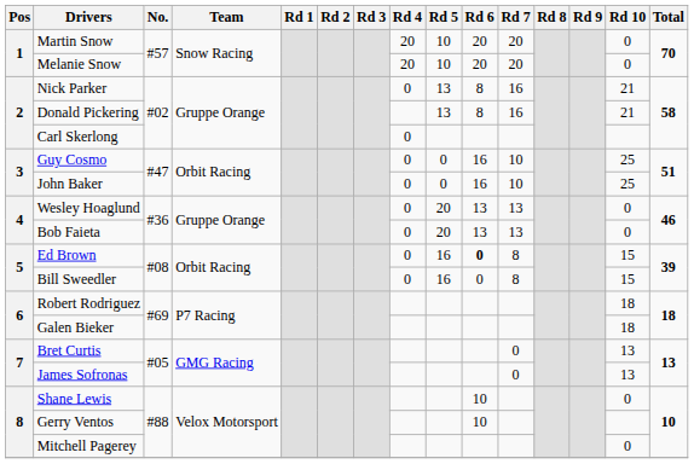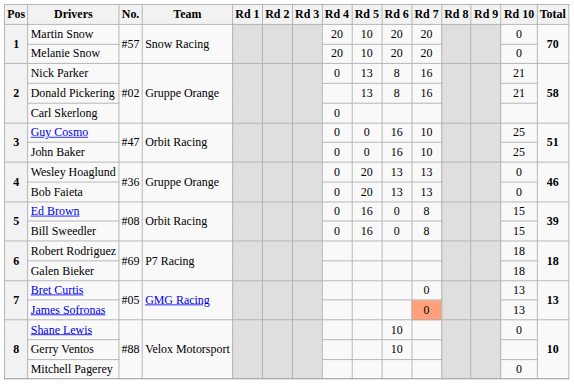 <table class="wikitable" style="font-size: 90%;">
 <tr>
 <th>Pos</th>
 <th>Drivers</th>
 <th>No.</th>
 <th>Team</th>
 <th>Rd 1</th>
 <th>Rd 2</th>
 <th>Rd 3</th>
 <th>Rd 4</th>
 <th>Rd 5</th>
 <th>Rd 6</th>
 <th>Rd 7</th>
 <th>Rd 8</th>
 <th>Rd 9</th>
 <th>Rd 10</th>
 <th>Total</th>
 </tr>
 <tr>
 <th rowspan=2>1</th>
 <td> Martin Snow</td>
 <td rowspan=2>#57</td>
 <td rowspan=2> Snow Racing</td>
 <td rowspan=2 style="background:#dfdfdf;"></td>
 <td rowspan=2 style="background:#dfdfdf;"></td>
 <td rowspan=2 style="background:#dfdfdf;"></td>
 <td align="center">20</td>
 <td align="center">10</td>
 <td align="center">20</td>
 <td align="center">20</td>
 <td rowspan=2 style="background:#dfdfdf;"></td>
 <td rowspan=2 style="background:#dfdfdf;"></td>
 <td align="center">0</td>
 <td rowspan=2 align="center"><strong>70</strong></td>
 </tr>
 <tr>
 <td> Melanie Snow</td>
 <td align="center">20</td>
 <td align="center">10</td>
 <td align="center">20</td>
 <td align="center">20</td>
 <td align="center">0</td>
 </tr>
 <tr>
 <th rowspan=3>2</th>
 <td> Nick Parker</td>
 <td rowspan=3>#02</td>
 <td rowspan=3> Gruppe Orange</td>
 <td rowspan=3 style="background:#dfdfdf;"></td>
 <td rowspan=3 style="background:#dfdfdf;"></td>
 <td rowspan=3 style="background:#dfdfdf;"></td>
 <td align="center">0</td>
 <td align="center">13</td>
 <td align="center">8</td>
 <td align="center">16</td>
 <td rowspan=3 style="background:#dfdfdf;"></td>
 <td rowspan=3 style="background:#dfdfdf;"></td>
 <td align="center">21</td>
 <td rowspan=3 align="center"><strong>58</strong></td>
 </tr>
 <tr>
 <td> Donald Pickering</td>
 <td></td>
 <td align="center">13</td>
 <td align="center">8</td>
 <td align="center">16</td>
 <td align="center">21</td>
 </tr>
 <tr>
 <td> Carl Skerlong</td>
 <td align="center">0</td>
 <td></td>
 <td></td>
 <td></td>
 <td></td>
 </tr>
 <tr>
 <th rowspan=2>3</th>
 <td> <a href='#'>Guy Cosmo</a></td>
 <td rowspan=2>#47</td>
 <td rowspan=2> Orbit Racing</td>
 <td rowspan=2 style="background:#dfdfdf;"></td>
 <td rowspan=2 style="background:#dfdfdf;"></td>
 <td rowspan=2 style="background:#dfdfdf;"></td>
 <td align="center">0</td>
 <td align="center">0</td>
 <td align="center">16</td>
 <td align="center">10</td>
 <td rowspan=2 style="background:#dfdfdf;"></td>
 <td rowspan=2 style="background:#dfdfdf;"></td>
 <td align="center">25</td>
 <td rowspan=2 align="center"><strong>51</strong></td>
 </tr>
 <tr>
 <td> John Baker</td>
 <td align="center">0</td>
 <td align="center">0</td>
 <td align="center">16</td>
 <td align="center">10</td>
 <td align="center">25</td>
 </tr>
 <tr>
 <th rowspan=2>4</th>
 <td> Wesley Hoaglund</td>
 <td rowspan=2>#36</td>
 <td rowspan=2> Gruppe Orange</td>
 <td rowspan=2 style="background:#dfdfdf;"></td>
 <td rowspan=2 style="background:#dfdfdf;"></td>
 <td rowspan=2 style="background:#dfdfdf;"></td>
 <td align="center">0</td>
 <td align="center">20</td>
 <td align="center">13</td>
 <td align="center">13</td>
 <td rowspan=2 style="background:#dfdfdf;"></td>
 <td rowspan=2 style="background:#dfdfdf;"></td>
 <td align="center">0</td>
 <td rowspan=2 align="center"><strong>46</strong></td>
 </tr>
 <tr>
 <td> Bob Faieta</td>
 <td align="center">0</td>
 <td align="center">20</td>
 <td align="center">13</td>
 <td align="center">13</td>
 <td align="center">0</td>
 </tr>
 <tr>
 <th rowspan=2>5</th>
 <td> <a href='#'>Ed Brown</a></td>
 <td rowspan=2>#08</td>
 <td rowspan=2> Orbit Racing</td>
 <td rowspan=2 style="background:#dfdfdf;"></td>
 <td rowspan=2 style="background:#dfdfdf;"></td>
 <td rowspan=2 style="background:#dfdfdf;"></td>
 <td align="center">0</td>
 <td align="center">16</td>
-<td align="center"><strong>0</strong></td>
+<td align="center">0</td>
 <td align="center">8</td>
 <td rowspan=2 style="background:#dfdfdf;"></td>
 <td rowspan=2 style="background:#dfdfdf;"></td>
 <td align="center">15</td>
 <td rowspan=2 align="center"><strong>39</strong></td>
 </tr>
 <tr>
 <td> Bill Sweedler</td>
 <td align="center">0</td>
 <td align="center">16</td>
 <td align="center">0</td>
 <td align="center">8</td>
 <td align="center">15</td>
 </tr>
 <tr>
 <th rowspan=2>6</th>
 <td> Robert Rodriguez</td>
 <td rowspan=2>#69</td>
 <td rowspan=2> P7 Racing</td>
 <td rowspan=2 style="background:#dfdfdf;"></td>
 <td rowspan=2 style="background:#dfdfdf;"></td>
 <td rowspan=2 style="background:#dfdfdf;"></td>
 <td></td>
 <td></td>
 <td></td>
 <td></td>
 <td rowspan=2 style="background:#dfdfdf;"></td>
 <td rowspan=2 style="background:#dfdfdf;"></td>
 <td align="center">18</td>
 <td rowspan=2 align="center"><strong>18</strong></td>
 </tr>
 <tr>
 <td> Galen Bieker</td>
 <td></td>
 <td></td>
 <td></td>
 <td></td>
 <td align="center">18</td>
 </tr>
 <tr>
 <th rowspan=2>7</th>
 <td> <a href='#'>Bret Curtis</a></td>
 <td rowspan=2>#05</td>
 <td rowspan=2> <a href='#'>GMG Racing</a></td>
 <td rowspan=2 style="background:#dfdfdf;"></td>
 <td rowspan=2 style="background:#dfdfdf;"></td>
 <td rowspan=2 style="background:#dfdfdf;"></td>
 <td></td>
 <td></td>
 <td></td>
 <td align="center">0</td>
 <td rowspan=2 style="background:#dfdfdf;"></td>
 <td rowspan=2 style="background:#dfdfdf;"></td>
 <td align="center">13</td>
 <td rowspan=2 align="center"><strong>13</strong></td>
 </tr>
 <tr>
 <td> <a href='#'>James Sofronas</a></td>
 <td></td>
 <td></td>
 <td></td>
-<td align="center">0</td>
+<td align="center" style="background: lightsalmon;">0</td>
 <td align="center">13</td>
 </tr>
 <tr>
 <th rowspan=3>8</th>
 <td> <a href='#'>Shane Lewis</a></td>
 <td rowspan=3>#88</td>
 <td rowspan=3> Velox Motorsport</td>
 <td rowspan=3 style="background:#dfdfdf;"></td>
 <td rowspan=3 style="background:#dfdfdf;"></td>
 <td rowspan=3 style="background:#dfdfdf;"></td>
 <td></td>
 <td></td>
 <td align="center">10</td>
 <td></td>
 <td rowspan=3 style="background:#dfdfdf;"></td>
 <td rowspan=3 style="background:#dfdfdf;"></td>
 <td align="center">0</td>
 <td rowspan=3 align="center"><strong>10</strong></td>
 </tr>
 <tr>
 <td> Gerry Ventos</td>
 <td></td>
 <td></td>
 <td align="center">10</td>
 <td></td>
 <td></td>
 </tr>
 <tr>
 <td> Mitchell Pagerey</td>
 <td></td>
 <td></td>
 <td></td>
 <td></td>
 <td align="center">0</td>
 </tr>
 <tr>
 </tr>
 </table>
